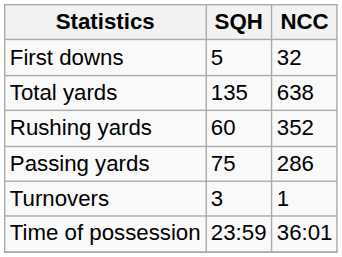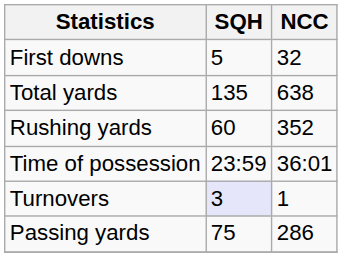 <table class="wikitable">
 <tr>
 <th>Statistics</th>
 <th>SQH</th>
 <th>NCC</th>
 </tr>
 <tr>
 <td>First downs</td>
 <td>5</td>
 <td>32</td>
 </tr>
 <tr>
 <td>Total yards</td>
 <td>135</td>
 <td>638</td>
 </tr>
 <tr>
 <td>Rushing yards</td>
 <td>60</td>
 <td>352</td>
 </tr>
 <tr>
+<td>Time of possession</td>
+<td>23:59</td>
+<td>36:01</td>
+</tr>
+<tr>
+<td>Turnovers</td>
+<td style="background: lavender;">3</td>
+<td>1</td>
+</tr>
+<tr>
 <td>Passing yards</td>
 <td>75</td>
 <td>286</td>
 </tr>
 <tr>
-<td>Turnovers</td>
-<td>3</td>
-<td>1</td>
-</tr>
-<tr>
-<td>Time of possession</td>
-<td>23:59</td>
-<td>36:01</td>
-</tr>
-<tr>
 </tr>
 </table>
